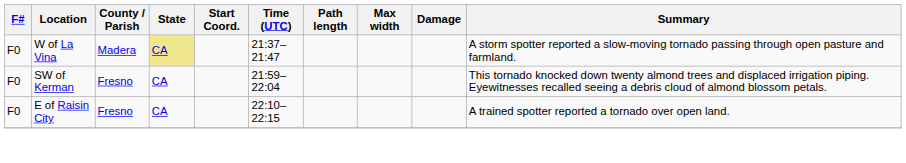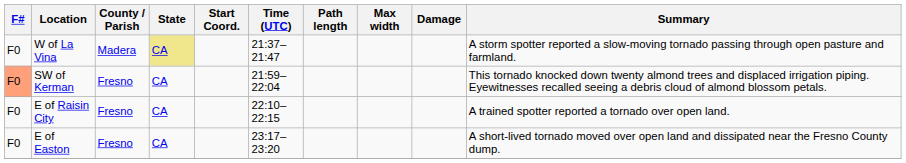 <table class="wikitable sortable" style="width:100%;">
 <tr>
 <th scope="col"  style="width:3%; text-align:center;"><a href='#'>F#</a></th>
 <th scope="col"  style="width:7%; text-align:center;" class="unsortable">Location</th>
 <th scope="col"  style="width:6%; text-align:center;" class="unsortable">County / Parish</th>
 <th scope="col"  style="width:5%; text-align:center;">State</th>
 <th scope="col"  style="width:6%; text-align:center;">Start Coord.</th>
 <th scope="col"  style="width:6%; text-align:center;">Time (<a href='#'>UTC</a>)</th>
 <th scope="col"  style="width:6%; text-align:center;">Path length</th>
 <th scope="col"  style="width:6%; text-align:center;">Max width</th>
 <th scope="col"  style="width:6%; text-align:center;">Damage</th>
 <th scope="col" class="unsortable" style="width:48%; text-align:center;">Summary</th>
 </tr>
 <tr>
 <td>F0</td>
 <td>W of <a href='#'>La Vina</a></td>
 <td><a href='#'>Madera</a></td>
 <td style="background: khaki;"><a href='#'>CA</a></td>
 <td></td>
 <td>21:37–21:47</td>
 <td></td>
 <td></td>
 <td></td>
 <td>A storm spotter reported a slow-moving tornado passing through open pasture and farmland.</td>
 </tr>
 <tr>
-<td>F0</td>
+<td style="background: lightsalmon;">F0</td>
 <td>SW of <a href='#'>Kerman</a></td>
 <td><a href='#'>Fresno</a></td>
 <td><a href='#'>CA</a></td>
 <td></td>
 <td>21:59–22:04</td>
 <td></td>
 <td></td>
 <td></td>
 <td>This tornado knocked down twenty almond trees and displaced irrigation piping. Eyewitnesses recalled seeing a debris cloud of almond blossom petals.</td>
 </tr>
 <tr>
 <td>F0</td>
 <td>E of <a href='#'>Raisin City</a></td>
 <td><a href='#'>Fresno</a></td>
 <td><a href='#'>CA</a></td>
 <td></td>
 <td>22:10–22:15</td>
 <td></td>
 <td></td>
 <td></td>
 <td>A trained spotter reported a tornado over open land.</td>
 </tr>
 <tr>
+<td>F0</td>
+<td>E of <a href='#'>Easton</a></td>
+<td><a href='#'>Fresno</a></td>
+<td><a href='#'>CA</a></td>
+<td></td>
+<td>23:17–23:20</td>
+<td></td>
+<td></td>
+<td></td>
+<td>A short-lived tornado moved over open land and dissipated near the Fresno County dump.</td>
+</tr>
+<tr>
 </tr>
 </table>
